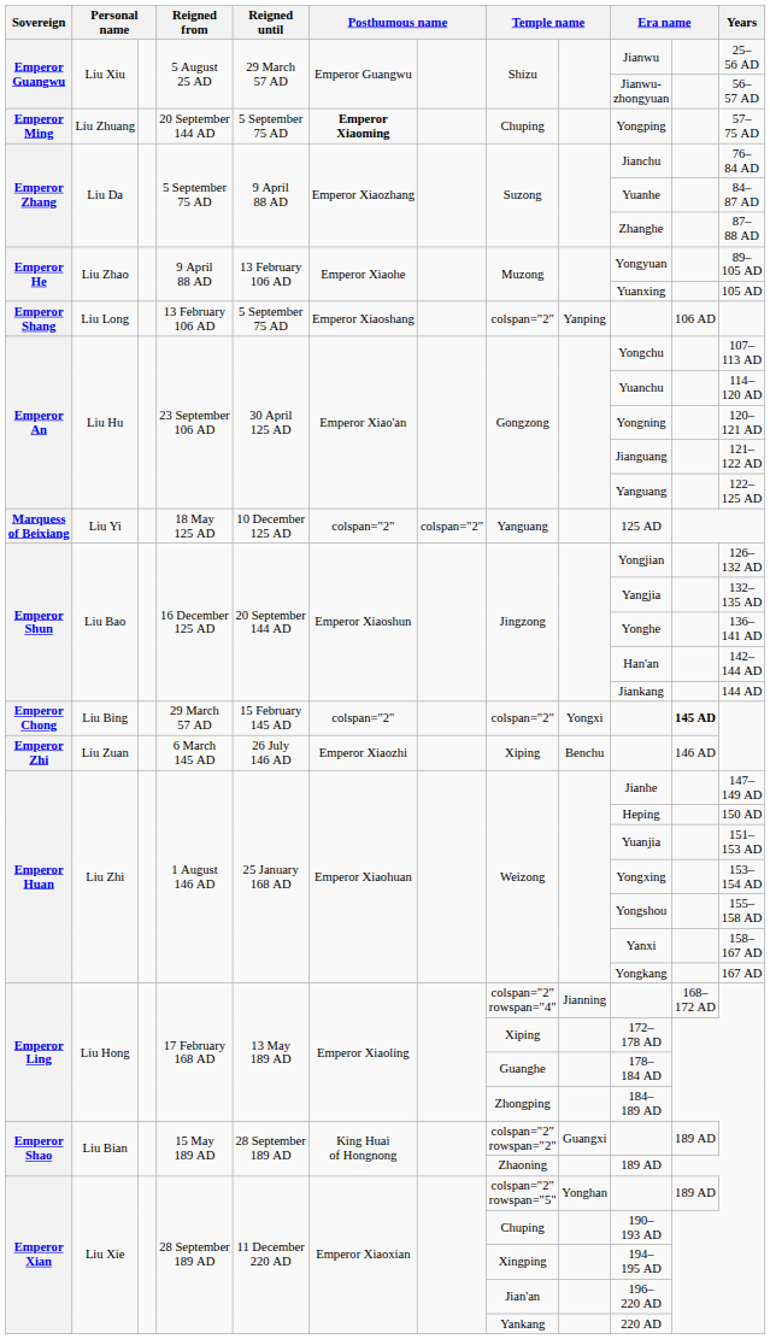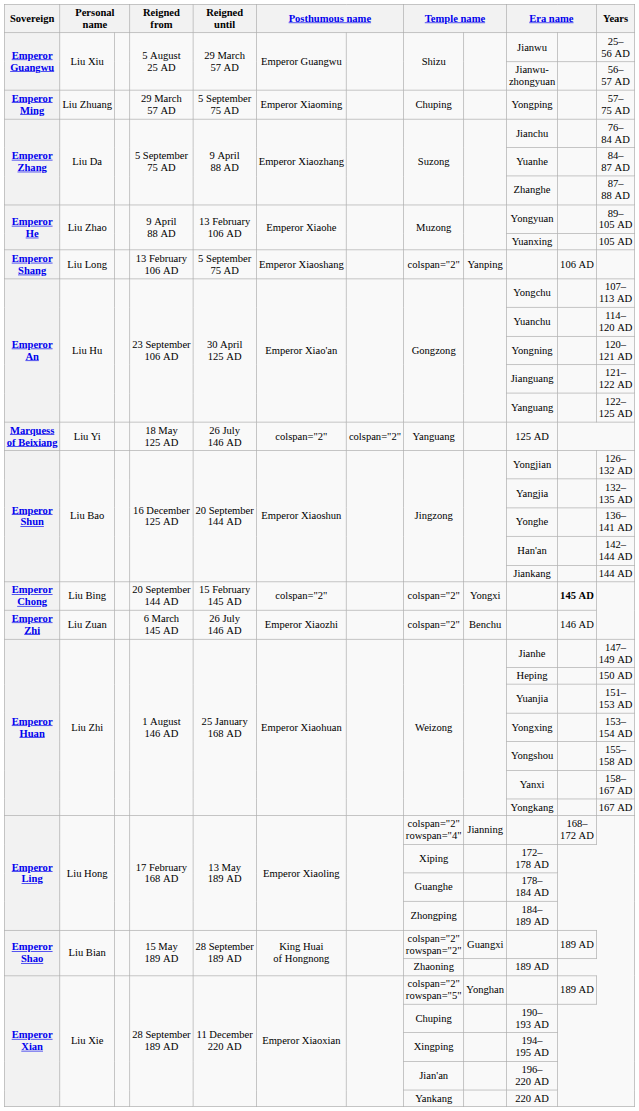 <table class="wikitable plainrowreaders" style="width:100%; text-align:center">
 <tr>
 <th scope="col" style="width:5.5em">Sovereign</th>
 <th colspan="2" scope="col">Personal name</th>
 <th scope="col" style="width:7.5em">Reigned from</th>
 <th scope="col" style="width:7.5em">Reigned until</th>
 <th colspan="2"><a href='#'>Posthumous name</a></th>
 <th scope="col" colspan="2"><a href='#'>Temple name</a></th>
 <th scope="col" colspan="2"><a href='#'>Era name</a></th>
 <th scope="col" style="width:7.5em">Years</th>
 </tr>
 <tr>
 <th scope="row" rowspan="2"><a href='#'>Emperor Guangwu</a></th>
 <td rowspan="2">Liu Xiu</td>
 <td rowspan="2" style="min-width:1ic"></td>
 <td rowspan="2">5 August 25 AD</td>
 <td rowspan="2">29 March 57 AD</td>
 <td rowspan="2">Emperor Guangwu</td>
 <td style="min-width:1ic" rowspan="2"></td>
 <td rowspan="2">Shizu</td>
 <td style="min-width:1ic" rowspan="2"></td>
 <td>Jianwu</td>
 <td style="min-width:1ic"></td>
 <td>25–56 AD</td>
 </tr>
 <tr>
 <td>Jianwu-zhongyuan</td>
 <td></td>
 <td>56–57 AD</td>
 </tr>
 <tr>
 <th scope="row"><a href='#'>Emperor Ming</a></th>
 <td>Liu Zhuang</td>
 <td></td>
-<td>20 September 144 AD</td>
+<td>29 March 57 AD</td>
 <td>5 September 75 AD</td>
-<td><strong>Emperor Xiaoming</strong></td>
+<td>Emperor Xiaoming</td>
 <td></td>
 <td>Chuping</td>
 <td></td>
 <td>Yongping</td>
 <td></td>
 <td>57–75 AD</td>
 </tr>
 <tr>
 <th scope="row" rowspan="3"><a href='#'>Emperor Zhang</a></th>
 <td rowspan="3">Liu Da</td>
 <td rowspan="3"></td>
 <td rowspan="3">5 September 75 AD</td>
 <td rowspan="3">9 April<br>88 AD</td>
 <td rowspan="3">Emperor Xiaozhang</td>
 <td rowspan="3"></td>
 <td rowspan="3">Suzong</td>
 <td rowspan="3"></td>
 <td>Jianchu</td>
 <td></td>
 <td>76–84 AD</td>
 </tr>
 <tr>
 <td>Yuanhe</td>
 <td></td>
 <td>84–87 AD</td>
 </tr>
 <tr>
 <td>Zhanghe</td>
 <td></td>
 <td>87–88 AD</td>
 </tr>
 <tr>
 <th scope="row" rowspan="2"><a href='#'>Emperor He</a></th>
 <td rowspan="2">Liu Zhao</td>
 <td rowspan="2"></td>
 <td rowspan="2">9 April 88 AD</td>
 <td rowspan="2">13 February 106 AD</td>
 <td rowspan="2">Emperor Xiaohe</td>
 <td rowspan="2"></td>
 <td rowspan="2">Muzong</td>
 <td rowspan="2"></td>
 <td>Yongyuan</td>
 <td></td>
 <td>89–105 AD</td>
 </tr>
 <tr>
 <td>Yuanxing</td>
 <td></td>
 <td>105 AD</td>
 </tr>
 <tr>
 <th scope="row"><a href='#'>Emperor Shang</a></th>
 <td>Liu Long</td>
 <td></td>
 <td>13 February 106 AD</td>
 <td>5 September 75 AD</td>
 <td>Emperor Xiaoshang</td>
 <td></td>
 <td>colspan="2" </td>
 <td>Yanping</td>
 <td></td>
 <td>106 AD</td>
 </tr>
 <tr>
 <th scope="row" rowspan="5"><a href='#'>Emperor An</a></th>
 <td rowspan="5">Liu Hu</td>
 <td rowspan="5"></td>
 <td rowspan="5">23 September 106 AD</td>
 <td rowspan="5">30 April 125 AD</td>
 <td rowspan="5">Emperor Xiao'an</td>
 <td rowspan="5"></td>
 <td rowspan="5">Gongzong</td>
 <td rowspan="5"></td>
 <td>Yongchu</td>
 <td></td>
 <td>107–113 AD</td>
 </tr>
 <tr>
 <td>Yuanchu</td>
 <td></td>
 <td>114–120 AD</td>
 </tr>
 <tr>
 <td>Yongning</td>
 <td></td>
 <td>120–121 AD</td>
 </tr>
 <tr>
 <td>Jianguang</td>
 <td></td>
 <td>121–122 AD</td>
 </tr>
 <tr>
 <td>Yanguang</td>
 <td></td>
 <td>122–125 AD</td>
 </tr>
 <tr>
 <th scope="row"><a href='#'>Marquess of&nbsp;Beixiang</a></th>
 <td>Liu Yi</td>
 <td></td>
 <td>18 May 125 AD</td>
-<td>10 December 125 AD</td>
+<td>26 July 146 AD</td>
 <td>colspan="2" </td>
 <td>colspan="2" </td>
 <td>Yanguang</td>
 <td></td>
 <td>125 AD</td>
 </tr>
 <tr>
 <th scope="row" rowspan="5"><a href='#'>Emperor Shun</a></th>
 <td rowspan="5">Liu Bao</td>
 <td rowspan="5"></td>
 <td rowspan="5">16 December 125 AD</td>
 <td rowspan="5">20 September 144 AD</td>
 <td rowspan="5">Emperor Xiaoshun</td>
 <td rowspan="5"></td>
 <td rowspan="5">Jingzong</td>
 <td rowspan="5"></td>
 <td>Yongjian</td>
 <td></td>
 <td>126–132 AD</td>
 </tr>
 <tr>
 <td>Yangjia</td>
 <td></td>
 <td>132–135 AD</td>
 </tr>
 <tr>
 <td>Yonghe</td>
 <td></td>
 <td>136–141 AD</td>
 </tr>
 <tr>
 <td>Han'an</td>
 <td></td>
 <td>142–144 AD</td>
 </tr>
 <tr>
 <td>Jiankang</td>
 <td></td>
 <td>144 AD</td>
 </tr>
 <tr>
 <th scope="row"><a href='#'>Emperor Chong</a></th>
 <td>Liu Bing</td>
 <td></td>
-<td>29 March 57 AD</td>
+<td>20 September 144 AD</td>
 <td>15 February 145 AD</td>
 <td>colspan="2" </td>
 <td></td>
 <td>colspan="2" </td>
 <td>Yongxi</td>
 <td></td>
 <td><strong>145 AD</strong></td>
 </tr>
 <tr>
 <th scope="row"><a href='#'>Emperor Zhi</a></th>
 <td>Liu Zuan</td>
 <td></td>
 <td>6 March 145 AD</td>
 <td>26 July 146 AD</td>
 <td>Emperor Xiaozhi</td>
 <td></td>
-<td>Xiping</td>
+<td>colspan="2" </td>
 <td>Benchu</td>
 <td></td>
 <td>146 AD</td>
 </tr>
 <tr>
 <th scope="row" rowspan="7"><a href='#'>Emperor Huan</a></th>
 <td rowspan="7">Liu Zhi</td>
 <td rowspan="7"></td>
 <td rowspan="7">1 August 146 AD</td>
 <td rowspan="7">25 January 168 AD</td>
 <td rowspan="7">Emperor Xiaohuan</td>
 <td rowspan="7"></td>
 <td rowspan="7">Weizong</td>
 <td rowspan="7"></td>
 <td>Jianhe</td>
 <td></td>
 <td>147–149 AD</td>
 </tr>
 <tr>
 <td>Heping</td>
 <td></td>
 <td>150 AD</td>
 </tr>
 <tr>
 <td>Yuanjia</td>
 <td></td>
 <td>151–153 AD</td>
 </tr>
 <tr>
 <td>Yongxing</td>
 <td></td>
 <td>153–154 AD</td>
 </tr>
 <tr>
 <td>Yongshou</td>
 <td></td>
 <td>155–158 AD</td>
 </tr>
 <tr>
 <td>Yanxi</td>
 <td></td>
 <td>158–167 AD</td>
 </tr>
 <tr>
 <td>Yongkang</td>
 <td></td>
 <td>167 AD</td>
 </tr>
 <tr>
 <th scope="row" rowspan="4"><a href='#'>Emperor Ling</a></th>
 <td rowspan="4">Liu Hong</td>
 <td rowspan="4"></td>
 <td rowspan="4">17 February 168 AD</td>
 <td rowspan="4">13 May 189 AD</td>
 <td rowspan="4">Emperor Xiaoling</td>
 <td rowspan="4"></td>
 <td>colspan="2" rowspan="4" </td>
 <td>Jianning</td>
 <td></td>
 <td>168–172 AD</td>
 </tr>
 <tr>
 <td>Xiping</td>
 <td></td>
 <td>172–178 AD</td>
 </tr>
 <tr>
 <td>Guanghe</td>
 <td></td>
 <td>178–184 AD</td>
 </tr>
 <tr>
 <td>Zhongping</td>
 <td></td>
 <td>184–189 AD</td>
 </tr>
 <tr>
 <th scope="row" rowspan="2"><a href='#'>Emperor Shao</a></th>
 <td rowspan="2">Liu Bian</td>
 <td rowspan="2"></td>
 <td rowspan="2">15 May 189 AD</td>
 <td rowspan="2">28 September 189 AD</td>
 <td rowspan="2">King Huai of Hongnong</td>
 <td rowspan="2"></td>
 <td>colspan="2" rowspan="2" </td>
 <td>Guangxi</td>
 <td></td>
 <td>189 AD</td>
 </tr>
 <tr>
 <td>Zhaoning</td>
 <td></td>
 <td>189 AD</td>
 </tr>
 <tr>
 <th scope="row" rowspan="5"><a href='#'>Emperor Xian</a></th>
 <td rowspan="5">Liu Xie</td>
 <td rowspan="5"></td>
 <td rowspan="5">28 September 189 AD</td>
 <td rowspan="5">11 December 220 AD</td>
 <td rowspan="5">Emperor Xiaoxian</td>
 <td rowspan="5"></td>
 <td>colspan="2" rowspan="5" </td>
 <td>Yonghan</td>
 <td></td>
 <td>189 AD</td>
 </tr>
 <tr>
 <td>Chuping</td>
 <td></td>
 <td>190–193 AD</td>
 </tr>
 <tr>
 <td>Xingping</td>
 <td></td>
 <td>194–195 AD</td>
 </tr>
 <tr>
 <td>Jian'an</td>
 <td></td>
 <td>196–220 AD</td>
 </tr>
 <tr>
 <td>Yankang</td>
 <td></td>
 <td>220 AD</td>
 </tr>
 </table>
